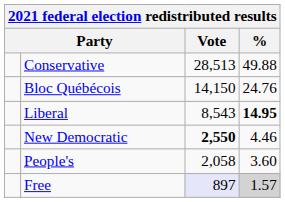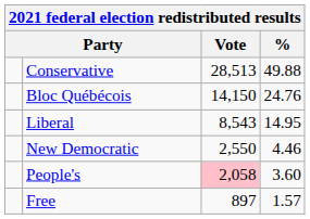 <table class="wikitable">
 <tr>
 <th colspan="4"><a href='#'>2021 federal election</a> redistributed results</th>
 </tr>
 <tr>
 <th bgcolor="#DDDDFF" width="130px" colspan="2">Party</th>
 <th bgcolor="#DDDDFF" width="50px">Vote</th>
 <th bgcolor="#DDDDFF" width="30px">%</th>
 </tr>
 <tr>
 <td> </td>
 <td><a href='#'>Conservative</a></td>
 <td align=right>28,513</td>
 <td align=right>49.88</td>
 </tr>
 <tr>
 <td> </td>
 <td><a href='#'>Bloc Québécois</a></td>
 <td align=right>14,150</td>
 <td align=right>24.76</td>
 </tr>
 <tr>
 <td> </td>
 <td><a href='#'>Liberal</a></td>
 <td align=right>8,543</td>
-<td align=right><strong>14.95</strong></td>
+<td align=right>14.95</td>
 </tr>
 <tr>
 <td> </td>
 <td><a href='#'>New Democratic</a></td>
-<td align=right><strong>2,550</strong></td>
+<td align=right>2,550</td>
 <td align=right>4.46</td>
 </tr>
 <tr>
 <td> </td>
 <td><a href='#'>People's</a></td>
-<td align=right>2,058</td>
+<td align=right style="background: pink;">2,058</td>
 <td align=right>3.60</td>
 </tr>
 <tr>
 <td> </td>
 <td><a href='#'>Free</a></td>
-<td align=right style="background: lavender;">897</td>
-<td align=right style="background: lightgrey;">1.57</td>
+<td align=right>897</td>
+<td align=right>1.57</td>
 </tr>
 </table>
